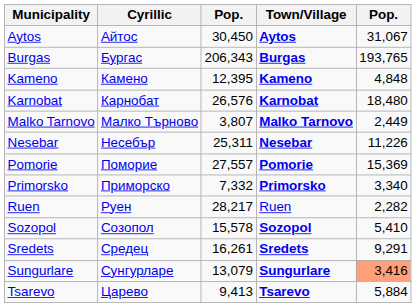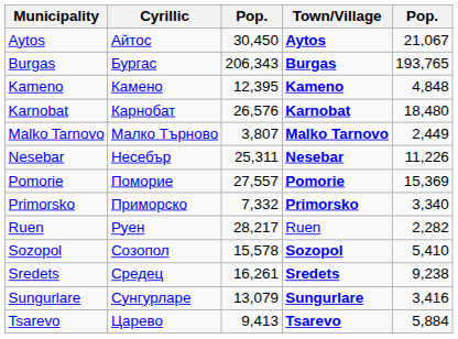 <table class="wikitable sortable">
 <tr>
 <th>Municipality</th>
 <th>Cyrillic</th>
 <th>Pop.</th>
 <th>Town/Village</th>
 <th>Pop.</th>
 </tr>
 <tr>
 <td><a href='#'>Aytos</a></td>
 <td><a href='#'>Айтос</a></td>
 <td align="right">30,450</td>
 <td><strong><a href='#'>Aytos</a></strong></td>
-<td align="right">31,067</td>
+<td align="right">21,067</td>
 </tr>
 <tr>
 <td><a href='#'>Burgas</a></td>
 <td><a href='#'>Бургас</a></td>
 <td align="right">206,343</td>
 <td><strong><a href='#'>Burgas</a></strong></td>
 <td align="right">193,765</td>
 </tr>
 <tr>
 <td><a href='#'>Kameno</a></td>
 <td><a href='#'>Камено</a></td>
 <td align="right">12,395</td>
 <td><strong><a href='#'>Kameno</a></strong></td>
 <td align="right">4,848</td>
 </tr>
 <tr>
 <td><a href='#'>Karnobat</a></td>
 <td><a href='#'>Карнобат</a></td>
 <td align="right">26,576</td>
 <td><strong><a href='#'>Karnobat</a></strong></td>
 <td align="right">18,480</td>
 </tr>
 <tr>
 <td><a href='#'>Malko Tarnovo</a></td>
 <td><a href='#'>Малко Търново</a></td>
 <td align="right">3,807</td>
 <td><strong><a href='#'>Malko Tarnovo</a></strong></td>
 <td align="right">2,449</td>
 </tr>
 <tr>
 <td><a href='#'>Nesebar</a></td>
 <td><a href='#'>Несебър</a></td>
 <td align="right">25,311</td>
 <td><strong><a href='#'>Nesebar</a></strong></td>
 <td align="right">11,226</td>
 </tr>
 <tr>
 <td><a href='#'>Pomorie</a></td>
 <td><a href='#'>Поморие</a></td>
 <td align="right">27,557</td>
 <td><strong><a href='#'>Pomorie</a></strong></td>
 <td align="right">15,369</td>
 </tr>
 <tr>
 <td><a href='#'>Primorsko</a></td>
 <td><a href='#'>Приморско</a></td>
 <td align="right">7,332</td>
 <td><strong><a href='#'>Primorsko</a></strong></td>
 <td align="right">3,340</td>
 </tr>
 <tr>
 <td><a href='#'>Ruen</a></td>
 <td><a href='#'>Руен</a></td>
 <td align="right">28,217</td>
 <td><a href='#'>Ruen</a></td>
 <td align="right">2,282</td>
 </tr>
 <tr>
 <td><a href='#'>Sozopol</a></td>
 <td><a href='#'>Созопол</a></td>
 <td align="right">15,578</td>
 <td><strong><a href='#'>Sozopol</a></strong></td>
 <td align="right">5,410</td>
 </tr>
 <tr>
 <td><a href='#'>Sredets</a></td>
 <td><a href='#'>Средец</a></td>
 <td align="right">16,261</td>
 <td><strong><a href='#'>Sredets</a></strong></td>
-<td align="right">9,291</td>
+<td align="right">9,238</td>
 </tr>
 <tr>
 <td><a href='#'>Sungurlare</a></td>
 <td><a href='#'>Сунгурларе</a></td>
 <td align="right">13,079</td>
 <td><strong><a href='#'>Sungurlare</a></strong></td>
-<td align="right" style="background: lightsalmon;">3,416</td>
+<td align="right">3,416</td>
 </tr>
 <tr>
 <td><a href='#'>Tsarevo</a></td>
 <td><a href='#'>Царево</a></td>
 <td align="right">9,413</td>
 <td><strong><a href='#'>Tsarevo</a></strong></td>
 <td align="right">5,884</td>
 </tr>
 </table>
